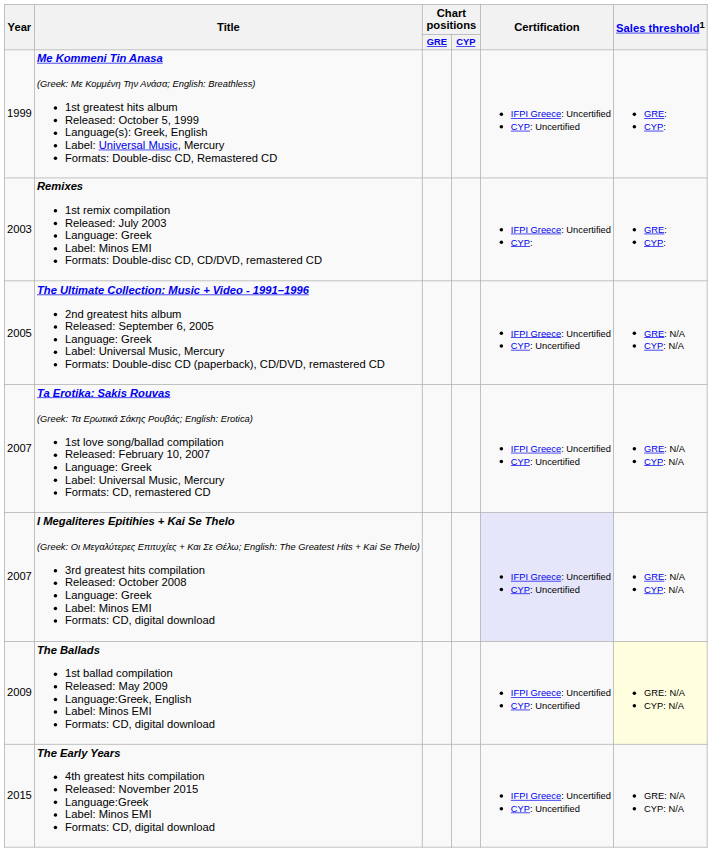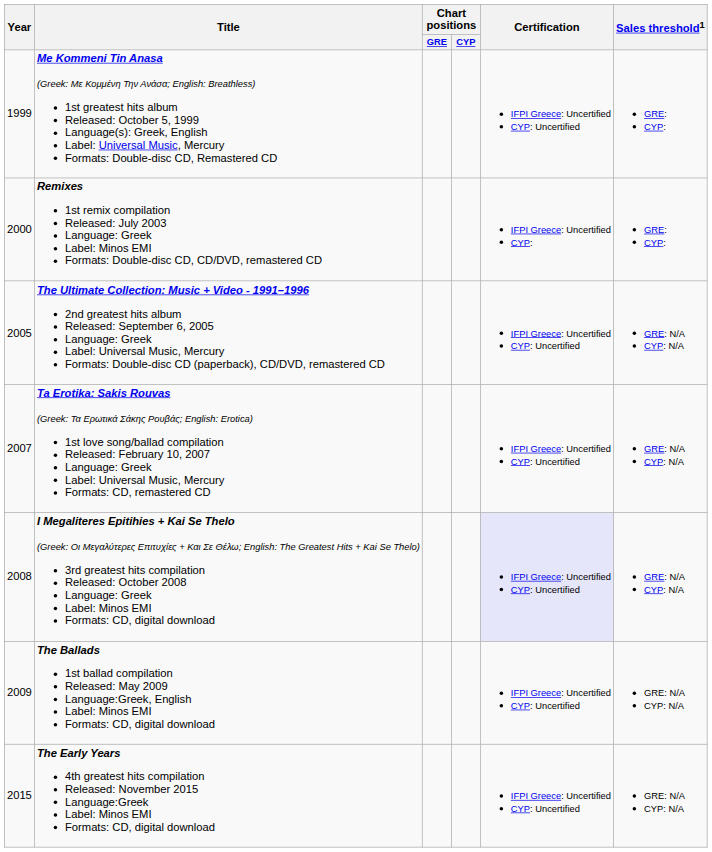 <table class="wikitable">
 <tr>
 <th rowspan="2">Year</th>
 <th rowspan="2">Title</th>
 <th colspan="2">Chart positions</th>
 <th rowspan="2">Certification</th>
 <th rowspan="2"><a href='#'>Sales threshold</a><sup>1</sup></th>
 </tr>
 <tr style="font-size:smaller;">
 <th width="35"><a href='#'>GRE</a></th>
 <th width="35"><a href='#'>CYP</a></th>
 </tr>
 <tr>
 <td style="text-align:center;">1999</td>
 <td><strong><em><a href='#'>Me Kommeni Tin Anasa</a></em></strong>  <br><br><em><small>(Greek: Με Κομμένη Την Ανάσα; English: Breathless)</small></em><ul><li>1st greatest hits album</li><li>Released: October 5, 1999</li><li>Language(s): Greek, English</li><li>Label: <a href='#'>Universal Music</a>, Mercury</li><li>Formats: Double-disc CD, Remastered CD</li></ul></td>
 <td style="text-align:center;"></td>
 <td style="text-align:center;"></td>
 <td align="left"><br><ul><li><small><a href='#'>IFPI Greece</a>: Uncertified</small></li><li><small><a href='#'>CYP</a>: Uncertified</small></li></ul></td>
 <td align="left"><br><ul><li><small><a href='#'>GRE</a>:</small></li><li><small><a href='#'>CYP</a>: </small></li></ul></td>
 </tr>
 <tr>
-<td style="text-align:center;">2003</td>
+<td style="text-align:center;">2000</td>
 <td><strong><em>Remixes</em></strong><br><ul><li>1st remix compilation</li><li>Released: July 2003</li><li>Language: Greek</li><li>Label: Minos EMI</li><li>Formats: Double-disc CD, CD/DVD, remastered CD</li></ul></td>
 <td style="text-align:center;"></td>
 <td style="text-align:center;"></td>
 <td align="left"><br><ul><li><small><a href='#'>IFPI Greece</a>: Uncertified</small></li><li><small><a href='#'>CYP</a>:</small></li></ul></td>
 <td align="left"><br><ul><li><small><a href='#'>GRE</a>:</small></li><li><small><a href='#'>CYP</a>: </small></li></ul></td>
 </tr>
 <tr>
 <td style="text-align:center;">2005</td>
 <td><strong><em><a href='#'>The Ultimate Collection: Music + Video - 1991–1996</a></em></strong><br><ul><li>2nd greatest hits album</li><li>Released: September 6, 2005</li><li>Language: Greek</li><li>Label: Universal Music, Mercury</li><li>Formats: Double-disc CD (paperback), CD/DVD, remastered CD</li></ul></td>
 <td style="text-align:center;"></td>
 <td style="text-align:center;"></td>
 <td align="left"><br><ul><li><small><a href='#'>IFPI Greece</a>: Uncertified</small></li><li><small><a href='#'>CYP</a>: Uncertified</small></li></ul></td>
 <td align="left"><br><ul><li><small><a href='#'>GRE</a>: N/A</small></li><li><small><a href='#'>CYP</a>: N/A</small></li></ul></td>
 </tr>
 <tr>
 <td style="text-align:center;">2007</td>
 <td><strong><em><a href='#'>Ta Erotika: Sakis Rouvas</a></em></strong>  <br><br><em><small>(Greek: Τα Ερωτικά Σάκης Ρουβάς; English: Erotica)</small></em><ul><li>1st love song/ballad compilation</li><li>Released: February 10, 2007</li><li>Language: Greek</li><li>Label: Universal Music, Mercury</li><li>Formats: CD, remastered CD</li></ul></td>
 <td style="text-align:center;"></td>
 <td style="text-align:center;"></td>
 <td align="left"><br><ul><li><small><a href='#'>IFPI Greece</a>: Uncertified</small></li><li><small><a href='#'>CYP</a>: Uncertified</small></li></ul></td>
 <td align="left"><br><ul><li><small><a href='#'>GRE</a>: N/A</small></li><li><small><a href='#'>CYP</a>: N/A</small></li></ul></td>
 </tr>
 <tr>
-<td style="text-align:center;">2007</td>
+<td style="text-align:center;">2008</td>
 <td><strong><em>I Megaliteres Epitihies + Kai Se Thelo</em></strong>  <br><br><em><small>(Greek: Οι Μεγαλύτερες Επιτυχίες + Και Σε Θέλω; English: The Greatest Hits + Kai Se Thelo)</small></em><ul><li>3rd greatest hits compilation</li><li>Released: October 2008</li><li>Language: Greek</li><li>Label: Minos EMI</li><li>Formats: CD, digital download</li></ul></td>
 <td style="text-align:center;"></td>
 <td style="text-align:center;"></td>
 <td align="left" style="background: lavender;"><br><ul><li><small><a href='#'>IFPI Greece</a>: Uncertified</small></li><li><small><a href='#'>CYP</a>: Uncertified</small></li></ul></td>
 <td align="left"><br><ul><li><small><a href='#'>GRE</a>: N/A</small></li><li><small><a href='#'>CYP</a>: N/A</small></li></ul></td>
 </tr>
 <tr>
 <td style="text-align:center;">2009</td>
 <td><strong><em>The Ballads</em></strong><br><ul><li>1st ballad compilation</li><li>Released: May 2009</li><li>Language:Greek, English</li><li>Label: Minos EMI</li><li>Formats: CD, digital download</li></ul></td>
 <td style="text-align:center;"></td>
 <td style="text-align:center;"></td>
 <td align="left"><br><ul><li><small><a href='#'>IFPI Greece</a>: Uncertified</small></li><li><small><a href='#'>CYP</a>: Uncertified</small></li></ul></td>
-<td align="left" style="background: lightyellow;"><br><ul><li><small>GRE: N/A</small></li><li><small>CYP: N/A</small></li></ul></td>
+<td align="left"><br><ul><li><small>GRE: N/A</small></li><li><small>CYP: N/A</small></li></ul></td>
 </tr>
 <tr>
 <td style="text-align:center;">2015</td>
 <td><strong><em>The Early Years</em></strong><br><ul><li>4th greatest hits compilation</li><li>Released: November 2015</li><li>Language:Greek</li><li>Label: Minos EMI</li><li>Formats: CD, digital download</li></ul></td>
 <td style="text-align:center;"></td>
 <td style="text-align:center;"></td>
 <td align="left"><br><ul><li><small><a href='#'>IFPI Greece</a>: Uncertified</small></li><li><small><a href='#'>CYP</a>: Uncertified</small></li></ul></td>
 <td align="left"><br><ul><li><small>GRE: N/A</small></li><li><small>CYP: N/A</small></li></ul></td>
 </tr>
 </table>
